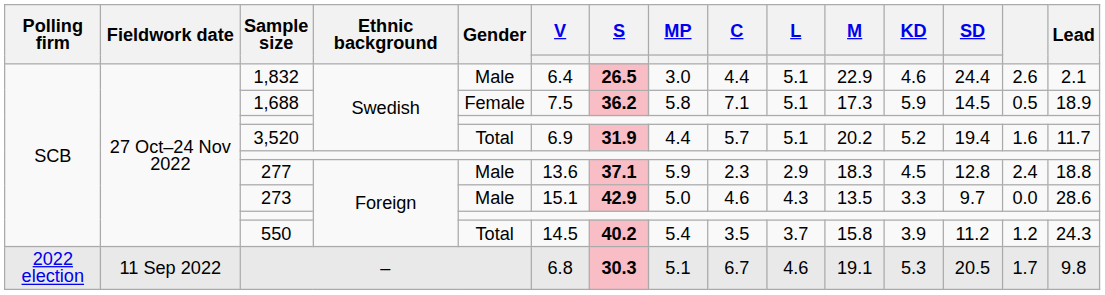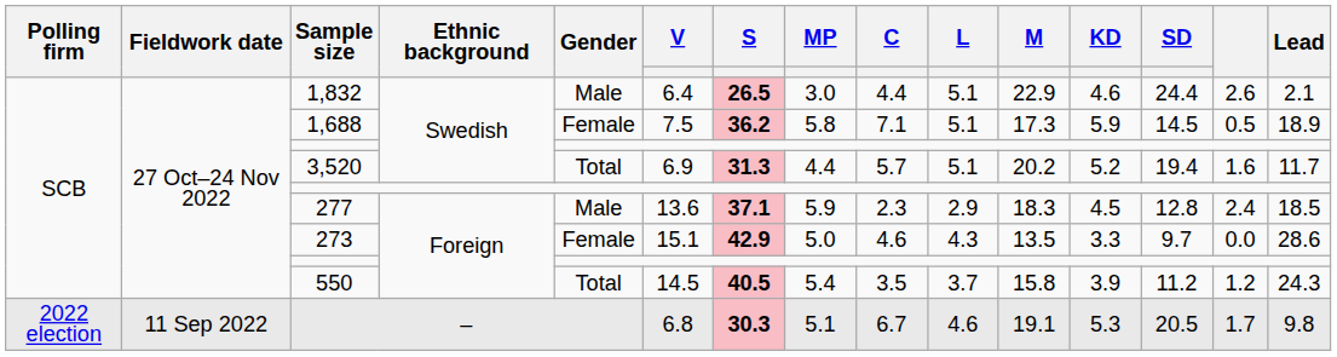 <table class="wikitable sortable" style="text-align:center;font-size:90%;line-height:14px;">
 <tr style="height:40px;">
 <th rowspan="2">Polling firm</th>
 <th rowspan="2">Fieldwork date</th>
 <th rowspan="2">Sample<br>size</th>
 <th rowspan="2">Ethnic background</th>
 <th rowspan="2">Gender</th>
 <th class="sortable" style="width:40px;"><a href='#'>V</a></th>
 <th class="sortable" style="width:40px;"><a href='#'>S</a></th>
 <th class="sortable" style="width:40px;"><a href='#'>MP</a></th>
 <th class="sortable" style="width:40px;"><a href='#'>C</a></th>
 <th class="sortable" style="width:40px;"><a href='#'>L</a></th>
 <th class="sortable" style="width:40px;"><a href='#'>M</a></th>
 <th class="sortable" style="width:40px;"><a href='#'>KD</a></th>
 <th class="sortable" style="width:40px;"><a href='#'>SD</a></th>
 <th class="sortable" style="width:30px;" rowspan="2"></th>
 <th style="width:30px;" rowspan="2">Lead</th>
 </tr>
 <tr>
 <th style="background:"></th>
 <th style="background:"></th>
 <th style="background:"></th>
 <th style="background:"></th>
 <th style="background:"></th>
 <th style="background:"></th>
 <th style="background:"></th>
 <th style="background:"></th>
 </tr>
 <tr>
 <td rowspan="9">SCB</td>
 <td rowspan="9">27 Oct–24 Nov 2022</td>
 <td>1,832</td>
 <td rowspan="4">Swedish</td>
 <td>Male</td>
 <td>6.4</td>
 <td style="background:#F9BDC5;"><strong>26.5</strong></td>
 <td>3.0</td>
 <td>4.4</td>
 <td>5.1</td>
 <td>22.9</td>
 <td>4.6</td>
 <td>24.4</td>
 <td>2.6</td>
 <td style="background:">2.1</td>
 </tr>
 <tr>
 <td>1,688</td>
 <td>Female</td>
 <td>7.5</td>
 <td style="background:#F9BDC5;"><strong>36.2</strong></td>
 <td>5.8</td>
 <td>7.1</td>
 <td>5.1</td>
 <td>17.3</td>
 <td>5.9</td>
 <td>14.5</td>
 <td>0.5</td>
 <td style="background:">18.9</td>
 </tr>
 <tr>
 <td></td>
 <td colspan="11"></td>
 </tr>
 <tr>
 <td>3,520</td>
 <td>Total</td>
 <td>6.9</td>
-<td style="background:#F9BDC5;"><strong>31.9</strong></td>
+<td style="background:#F9BDC5;"><strong>31.3</strong></td>
 <td>4.4</td>
 <td>5.7</td>
 <td>5.1</td>
 <td>20.2</td>
 <td>5.2</td>
 <td>19.4</td>
 <td>1.6</td>
 <td style="background:">11.7</td>
 </tr>
 <tr>
 <td colspan="13"></td>
 </tr>
 <tr>
 <td>277</td>
 <td rowspan="4">Foreign</td>
 <td>Male</td>
 <td>13.6</td>
 <td style="background:#F9BDC5;"><strong>37.1</strong></td>
 <td>5.9</td>
 <td>2.3</td>
 <td>2.9</td>
 <td>18.3</td>
 <td>4.5</td>
 <td>12.8</td>
 <td>2.4</td>
-<td style="background:">18.8</td>
+<td style="background:">18.5</td>
 </tr>
 <tr>
 <td>273</td>
-<td>Male</td>
+<td>Female</td>
 <td>15.1</td>
 <td style="background:#F9BDC5;"><strong>42.9</strong></td>
 <td>5.0</td>
 <td>4.6</td>
 <td>4.3</td>
 <td>13.5</td>
 <td>3.3</td>
 <td>9.7</td>
 <td>0.0</td>
 <td style="background:">28.6</td>
 </tr>
 <tr>
 <td></td>
 <td colspan="11"></td>
 </tr>
 <tr>
 <td>550</td>
 <td>Total</td>
 <td>14.5</td>
-<td style="background:#F9BDC5;"><strong>40.2</strong></td>
+<td style="background:#F9BDC5;"><strong>40.5</strong></td>
 <td>5.4</td>
 <td>3.5</td>
 <td>3.7</td>
 <td>15.8</td>
 <td>3.9</td>
 <td>11.2</td>
 <td>1.2</td>
 <td style="background:">24.3</td>
 </tr>
 <tr style="background:#E9E9E9;">
 <td><a href='#'>2022 election</a></td>
 <td data-sort-value="2018-09-09">11 Sep 2022</td>
 <td colspan="3">–</td>
 <td>6.8</td>
 <td style="background:#F9BDC5;"><strong>30.3</strong></td>
 <td>5.1</td>
 <td>6.7</td>
 <td>4.6</td>
 <td>19.1</td>
 <td>5.3</td>
 <td>20.5</td>
 <td>1.7</td>
 <td style="background:">9.8</td>
 </tr>
 </table>
